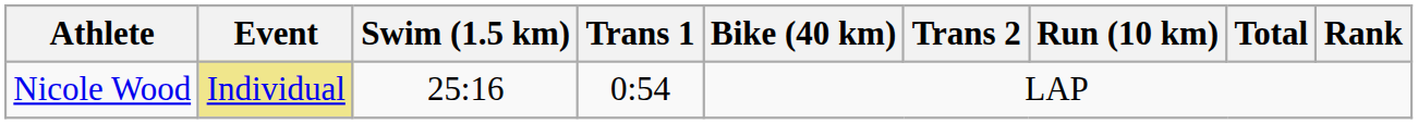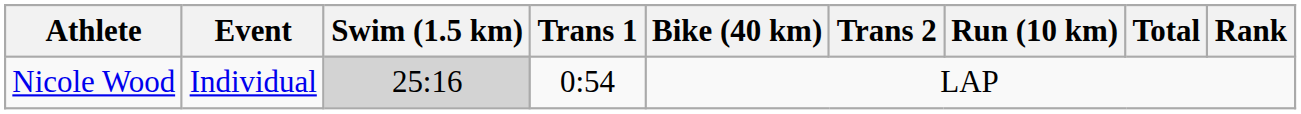 <table class="wikitable" style="font-size:90%">
 <tr>
 <th>Athlete</th>
 <th>Event</th>
 <th>Swim (1.5 km)</th>
 <th>Trans 1</th>
 <th>Bike (40 km)</th>
 <th>Trans 2</th>
 <th>Run (10 km)</th>
 <th>Total</th>
 <th>Rank</th>
 </tr>
 <tr align=center>
 <td align=left><a href='#'>Nicole Wood</a></td>
-<td align=left style="background: khaki;"><a href='#'>Individual</a></td>
-<td>25:16</td>
+<td align=left><a href='#'>Individual</a></td>
+<td style="background: lightgrey;">25:16</td>
 <td>0:54</td>
 <td colspan=5>LAP</td>
 </tr>
 </table>
